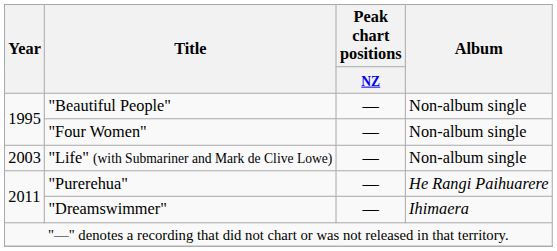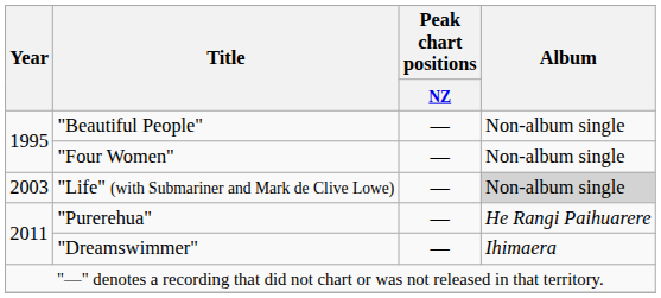 <table class="wikitable plainrowheaders">
 <tr>
 <th rowspan="2"  width="1em">Year</th>
 <th rowspan="2">Title</th>
 <th width="3em">Peak chart positions</th>
 <th rowspan="2">Album</th>
 </tr>
 <tr>
 <th><small><a href='#'>NZ</a></small></th>
 </tr>
 <tr>
 <td rowspan="2">1995</td>
 <td>"Beautiful People"</td>
 <td align="center">—</td>
 <td>Non-album single</td>
 </tr>
 <tr>
 <td>"Four Women"</td>
 <td align="center">—</td>
 <td>Non-album single</td>
 </tr>
 <tr>
 <td>2003</td>
 <td>"Life" <small>(with Submariner and Mark de Clive Lowe)</small></td>
 <td align="center">—</td>
-<td>Non-album single</td>
+<td style="background: lightgrey;">Non-album single</td>
 </tr>
 <tr>
 <td rowspan="2">2011</td>
 <td>"Purerehua"</td>
 <td align="center">—</td>
 <td><em>He Rangi Paihuarere</em></td>
 </tr>
 <tr>
 <td>"Dreamswimmer"</td>
 <td align="center">—</td>
 <td><em>Ihimaera</em></td>
 </tr>
 <tr>
 <td colspan="5" style="font-size:90%" align="center">"—" denotes a recording that did not chart or was not released in that territory.</td>
 </tr>
 <tr>
 </tr>
 </table>
